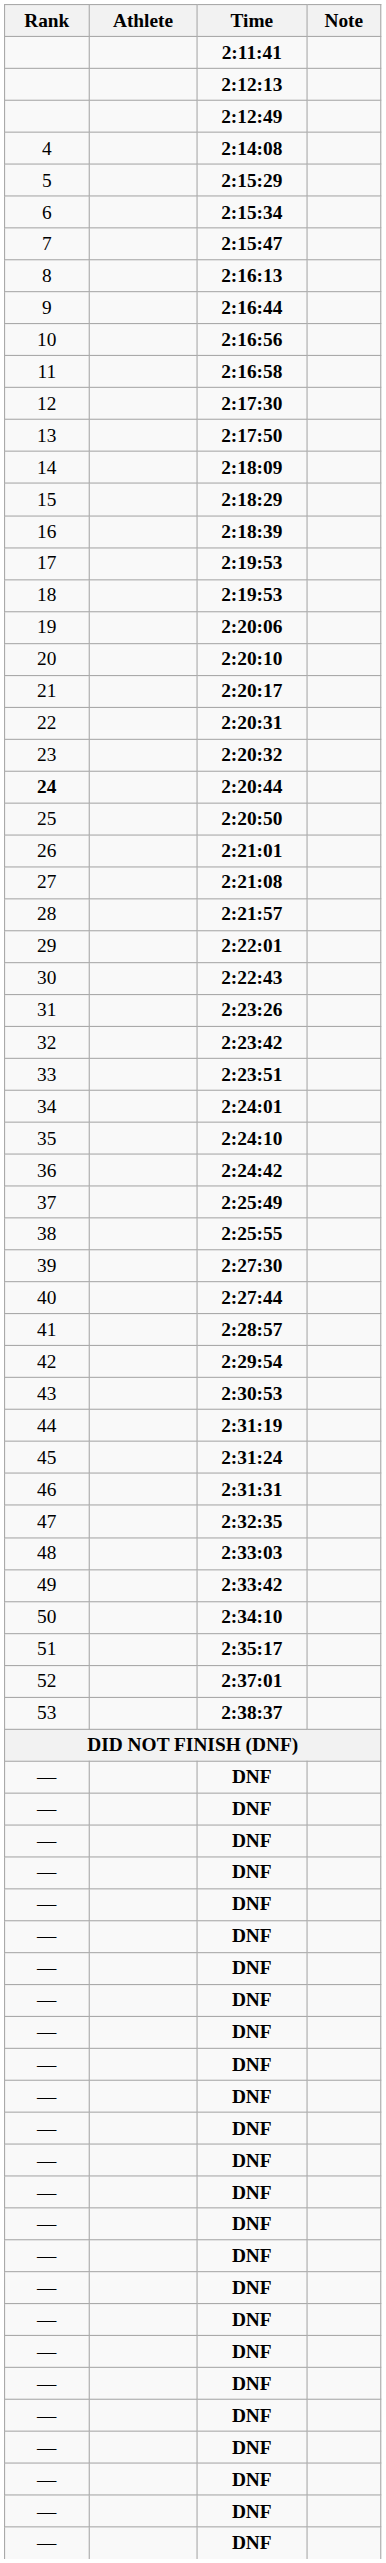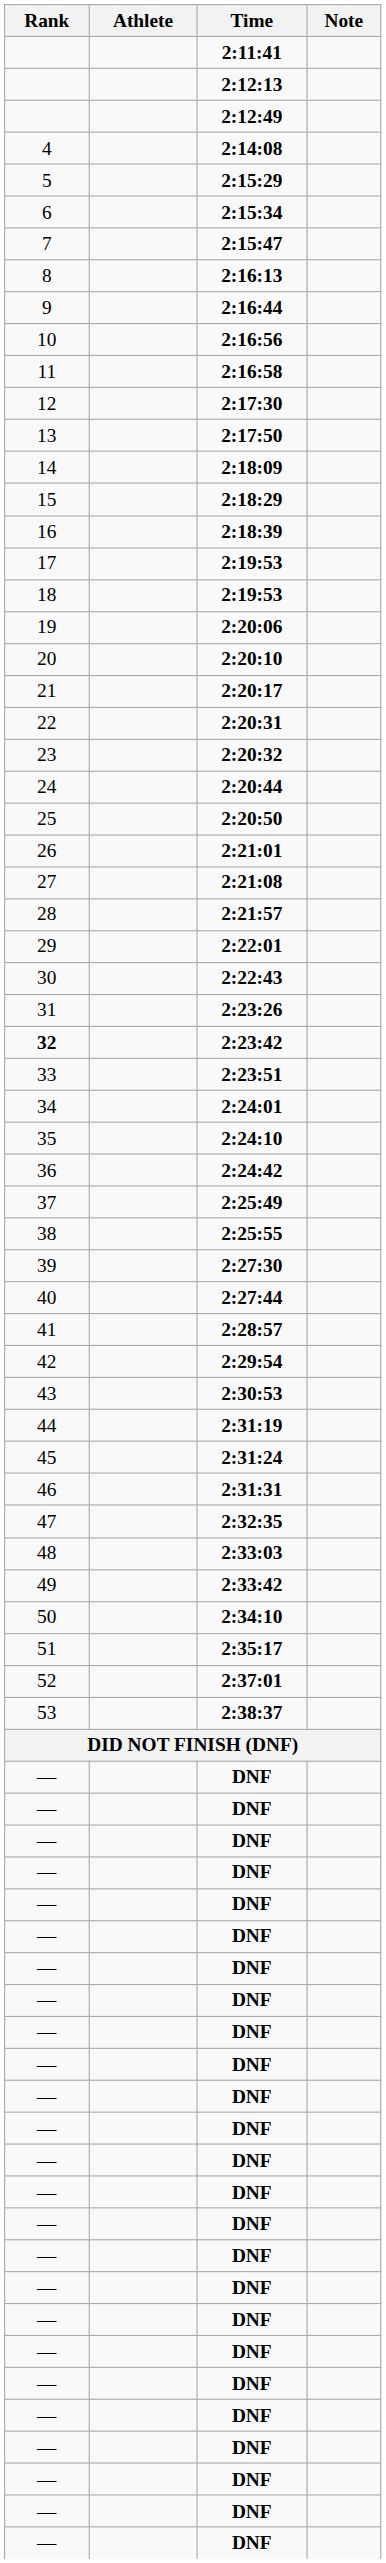 <table class="wikitable" style=" text-align:center; font-size:110%;" width="55%">
 <tr>
 <th>Rank</th>
 <th>Athlete</th>
 <th>Time</th>
 <th>Note</th>
 </tr>
 <tr>
 <td></td>
 <td align=left></td>
 <td><strong>2:11:41</strong></td>
 <td></td>
 </tr>
 <tr>
 <td></td>
 <td align=left></td>
 <td><strong>2:12:13</strong></td>
 <td></td>
 </tr>
 <tr>
 <td></td>
 <td align=left></td>
 <td><strong>2:12:49</strong></td>
 <td></td>
 </tr>
 <tr>
 <td>4</td>
 <td align=left></td>
 <td><strong>2:14:08</strong></td>
 <td></td>
 </tr>
 <tr>
 <td>5</td>
 <td align=left></td>
 <td><strong>2:15:29</strong></td>
 <td></td>
 </tr>
 <tr>
 <td>6</td>
 <td align=left></td>
 <td><strong>2:15:34</strong></td>
 <td></td>
 </tr>
 <tr>
 <td>7</td>
 <td align=left></td>
 <td><strong>2:15:47</strong></td>
 <td></td>
 </tr>
 <tr>
 <td>8</td>
 <td align=left></td>
 <td><strong>2:16:13</strong></td>
 <td></td>
 </tr>
 <tr>
 <td>9</td>
 <td align=left></td>
 <td><strong>2:16:44</strong></td>
 <td></td>
 </tr>
 <tr>
 <td>10</td>
 <td align=left></td>
 <td><strong>2:16:56</strong></td>
 <td></td>
 </tr>
 <tr>
 <td>11</td>
 <td align=left></td>
 <td><strong>2:16:58</strong></td>
 <td></td>
 </tr>
 <tr>
 <td>12</td>
 <td align=left></td>
 <td><strong>2:17:30</strong></td>
 <td></td>
 </tr>
 <tr>
 <td>13</td>
 <td align=left></td>
 <td><strong>2:17:50</strong></td>
 <td></td>
 </tr>
 <tr>
 <td>14</td>
 <td align=left></td>
 <td><strong>2:18:09</strong></td>
 <td></td>
 </tr>
 <tr>
 <td>15</td>
 <td align=left></td>
 <td><strong>2:18:29</strong></td>
 <td></td>
 </tr>
 <tr>
 <td>16</td>
 <td align=left></td>
 <td><strong>2:18:39</strong></td>
 <td></td>
 </tr>
 <tr>
 <td>17</td>
 <td align=left></td>
 <td><strong>2:19:53</strong></td>
 <td></td>
 </tr>
 <tr>
 <td>18</td>
 <td align=left></td>
 <td><strong>2:19:53</strong></td>
 <td></td>
 </tr>
 <tr>
 <td>19</td>
 <td align=left></td>
 <td><strong>2:20:06</strong></td>
 <td></td>
 </tr>
 <tr>
 <td>20</td>
 <td align=left></td>
 <td><strong>2:20:10</strong></td>
 <td></td>
 </tr>
 <tr>
 <td>21</td>
 <td align=left></td>
 <td><strong>2:20:17</strong></td>
 <td></td>
 </tr>
 <tr>
 <td>22</td>
 <td align=left></td>
 <td><strong>2:20:31</strong></td>
 <td></td>
 </tr>
 <tr>
 <td>23</td>
 <td align=left></td>
 <td><strong>2:20:32</strong></td>
 <td></td>
 </tr>
 <tr>
-<td><strong>24</strong></td>
+<td>24</td>
 <td align=left></td>
 <td><strong>2:20:44</strong></td>
 <td></td>
 </tr>
 <tr>
 <td>25</td>
 <td align=left></td>
 <td><strong>2:20:50</strong></td>
 <td></td>
 </tr>
 <tr>
 <td>26</td>
 <td align=left></td>
 <td><strong>2:21:01</strong></td>
 <td></td>
 </tr>
 <tr>
 <td>27</td>
 <td align=left></td>
 <td><strong>2:21:08</strong></td>
 <td></td>
 </tr>
 <tr>
 <td>28</td>
 <td align=left></td>
 <td><strong>2:21:57</strong></td>
 <td></td>
 </tr>
 <tr>
 <td>29</td>
 <td align=left></td>
 <td><strong>2:22:01</strong></td>
 <td></td>
 </tr>
 <tr>
 <td>30</td>
 <td align=left></td>
 <td><strong>2:22:43</strong></td>
 <td></td>
 </tr>
 <tr>
 <td>31</td>
 <td align=left></td>
 <td><strong>2:23:26</strong></td>
 <td></td>
 </tr>
 <tr>
-<td>32</td>
+<td><strong>32</strong></td>
 <td align=left></td>
 <td><strong>2:23:42</strong></td>
 <td></td>
 </tr>
 <tr>
 <td>33</td>
 <td align=left></td>
 <td><strong>2:23:51</strong></td>
 <td></td>
 </tr>
 <tr>
 <td>34</td>
 <td align=left></td>
 <td><strong>2:24:01</strong></td>
 <td></td>
 </tr>
 <tr>
 <td>35</td>
 <td align=left></td>
 <td><strong>2:24:10</strong></td>
 <td></td>
 </tr>
 <tr>
 <td>36</td>
 <td align=left></td>
 <td><strong>2:24:42</strong></td>
 <td></td>
 </tr>
 <tr>
 <td>37</td>
 <td align=left></td>
 <td><strong>2:25:49</strong></td>
 <td></td>
 </tr>
 <tr>
 <td>38</td>
 <td align=left></td>
 <td><strong>2:25:55</strong></td>
 <td></td>
 </tr>
 <tr>
 <td>39</td>
 <td align=left></td>
 <td><strong>2:27:30</strong></td>
 <td></td>
 </tr>
 <tr>
 <td>40</td>
 <td align=left></td>
 <td><strong>2:27:44</strong></td>
 <td></td>
 </tr>
 <tr>
 <td>41</td>
 <td align=left></td>
 <td><strong>2:28:57</strong></td>
 <td></td>
 </tr>
 <tr>
 <td>42</td>
 <td align=left></td>
 <td><strong>2:29:54</strong></td>
 <td></td>
 </tr>
 <tr>
 <td>43</td>
 <td align=left></td>
 <td><strong>2:30:53</strong></td>
 <td></td>
 </tr>
 <tr>
 <td>44</td>
 <td align=left></td>
 <td><strong>2:31:19</strong></td>
 <td></td>
 </tr>
 <tr>
 <td>45</td>
 <td align=left></td>
 <td><strong>2:31:24</strong></td>
 <td></td>
 </tr>
 <tr>
 <td>46</td>
 <td align=left></td>
 <td><strong>2:31:31</strong></td>
 <td></td>
 </tr>
 <tr>
 <td>47</td>
 <td align=left></td>
 <td><strong>2:32:35</strong></td>
 <td></td>
 </tr>
 <tr>
 <td>48</td>
 <td align=left></td>
 <td><strong>2:33:03</strong></td>
 <td></td>
 </tr>
 <tr>
 <td>49</td>
 <td align=left></td>
 <td><strong>2:33:42</strong></td>
 <td></td>
 </tr>
 <tr>
 <td>50</td>
 <td align=left></td>
 <td><strong>2:34:10</strong></td>
 <td></td>
 </tr>
 <tr>
 <td>51</td>
 <td align=left></td>
 <td><strong>2:35:17</strong></td>
 <td></td>
 </tr>
 <tr>
 <td>52</td>
 <td align=left></td>
 <td><strong>2:37:01</strong></td>
 <td></td>
 </tr>
 <tr>
 <td>53</td>
 <td align=left></td>
 <td><strong>2:38:37</strong></td>
 <td></td>
 </tr>
 <tr>
 <th colspan="4">DID NOT FINISH (DNF)</th>
 </tr>
 <tr>
 <td>—</td>
 <td align=left></td>
 <td><strong>DNF </strong></td>
 <td></td>
 </tr>
 <tr>
 <td>—</td>
 <td align=left></td>
 <td><strong>DNF </strong></td>
 <td></td>
 </tr>
 <tr>
 <td>—</td>
 <td align=left></td>
 <td><strong>DNF </strong></td>
 <td></td>
 </tr>
 <tr>
 <td>—</td>
 <td align=left></td>
 <td><strong>DNF </strong></td>
 <td></td>
 </tr>
 <tr>
 <td>—</td>
 <td align=left></td>
 <td><strong>DNF </strong></td>
 <td></td>
 </tr>
 <tr>
 <td>—</td>
 <td align=left></td>
 <td><strong>DNF </strong></td>
 <td></td>
 </tr>
 <tr>
 <td>—</td>
 <td align=left></td>
 <td><strong>DNF </strong></td>
 <td></td>
 </tr>
 <tr>
 <td>—</td>
 <td align=left></td>
 <td><strong>DNF </strong></td>
 <td></td>
 </tr>
 <tr>
 <td>—</td>
 <td align=left></td>
 <td><strong>DNF </strong></td>
 <td></td>
 </tr>
 <tr>
 <td>—</td>
 <td align=left></td>
 <td><strong>DNF </strong></td>
 <td></td>
 </tr>
 <tr>
 <td>—</td>
 <td align=left></td>
 <td><strong>DNF </strong></td>
 <td></td>
 </tr>
 <tr>
 <td>—</td>
 <td align=left></td>
 <td><strong>DNF </strong></td>
 <td></td>
 </tr>
 <tr>
 <td>—</td>
 <td align=left></td>
 <td><strong>DNF </strong></td>
 <td></td>
 </tr>
 <tr>
 <td>—</td>
 <td align=left></td>
 <td><strong>DNF </strong></td>
 <td></td>
 </tr>
 <tr>
 <td>—</td>
 <td align=left></td>
 <td><strong>DNF </strong></td>
 <td></td>
 </tr>
 <tr>
 <td>—</td>
 <td align=left></td>
 <td><strong>DNF </strong></td>
 <td></td>
 </tr>
 <tr>
 <td>—</td>
 <td align=left></td>
 <td><strong>DNF </strong></td>
 <td></td>
 </tr>
 <tr>
 <td>—</td>
 <td align=left></td>
 <td><strong>DNF </strong></td>
 <td></td>
 </tr>
 <tr>
 <td>—</td>
 <td align=left></td>
 <td><strong>DNF </strong></td>
 <td></td>
 </tr>
 <tr>
 <td>—</td>
 <td align=left></td>
 <td><strong>DNF </strong></td>
 <td></td>
 </tr>
 <tr>
 <td>—</td>
 <td align=left></td>
 <td><strong>DNF </strong></td>
 <td></td>
 </tr>
 <tr>
 <td>—</td>
 <td align=left></td>
 <td><strong>DNF </strong></td>
 <td></td>
 </tr>
 <tr>
 <td>—</td>
 <td align=left></td>
 <td><strong>DNF </strong></td>
 <td></td>
 </tr>
 <tr>
 <td>—</td>
 <td align=left></td>
 <td><strong>DNF </strong></td>
 <td></td>
 </tr>
 <tr>
 <td>—</td>
 <td align=left></td>
 <td><strong>DNF </strong></td>
 <td></td>
 </tr>
 </table>
